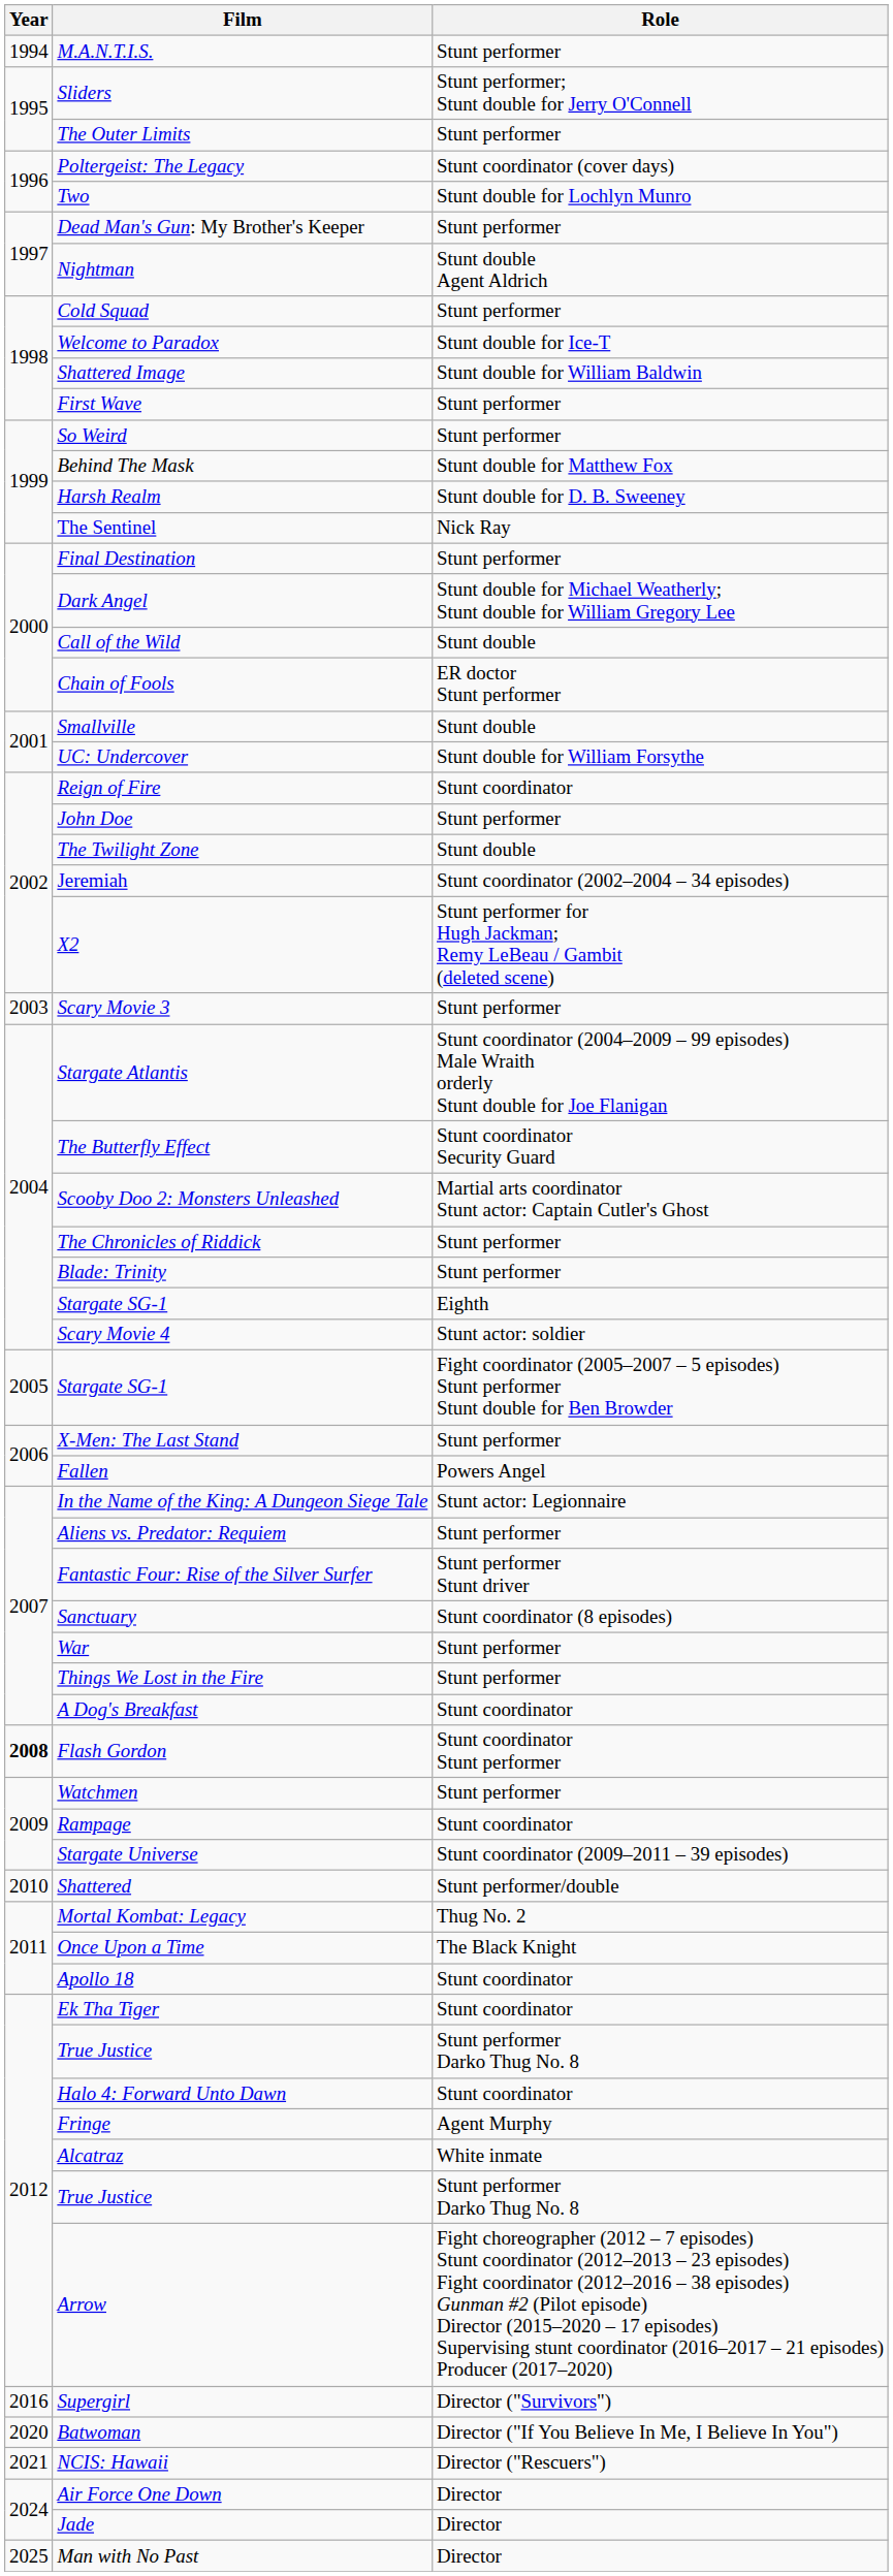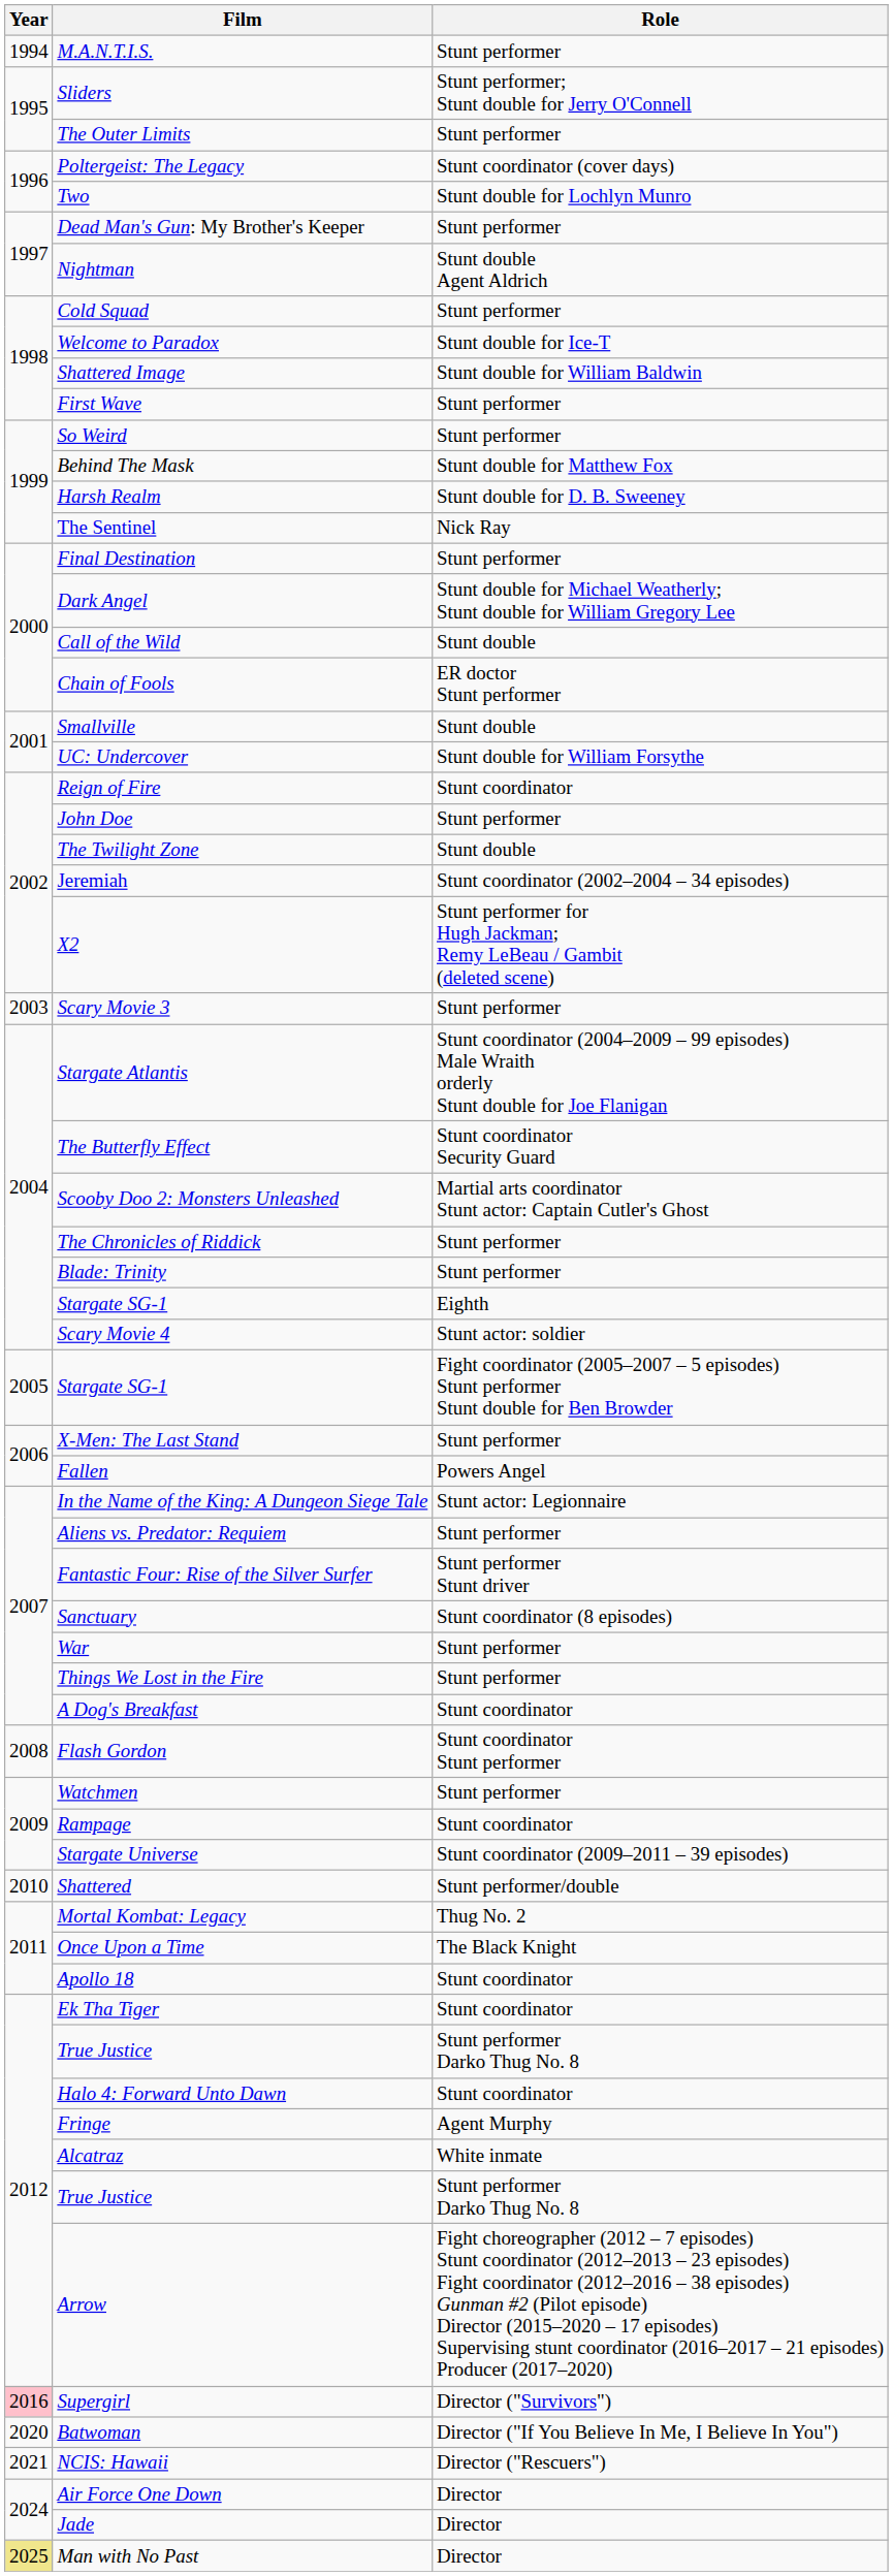 <table class="wikitable sortable">
 <tr>
 <th>Year</th>
 <th>Film</th>
 <th>Role</th>
 </tr>
 <tr>
 <td rowspan="1">1994</td>
 <td><em><a href='#'>M.A.N.T.I.S.</a></em></td>
 <td>Stunt performer</td>
 </tr>
 <tr>
 <td rowspan="2">1995</td>
 <td><em><a href='#'>Sliders</a></em></td>
 <td>Stunt performer;<br>Stunt double for <a href='#'>Jerry O'Connell</a></td>
 </tr>
 <tr>
 <td data-sort-value="Outer Limits, The"><em><a href='#'>The Outer Limits</a></em></td>
 <td>Stunt performer</td>
 </tr>
 <tr>
 <td rowspan="2">1996</td>
 <td><em><a href='#'>Poltergeist: The Legacy</a></em></td>
 <td>Stunt coordinator (cover days)</td>
 </tr>
 <tr>
 <td><em><a href='#'>Two</a></em></td>
 <td>Stunt double for <a href='#'>Lochlyn Munro</a></td>
 </tr>
 <tr>
 <td rowspan="2">1997</td>
 <td><em><a href='#'>Dead Man's Gun</a></em>: My Brother's Keeper</td>
 <td>Stunt performer</td>
 </tr>
 <tr>
 <td><em><a href='#'>Nightman</a></em></td>
 <td>Stunt double<br>Agent Aldrich</td>
 </tr>
 <tr>
 <td rowspan="4">1998</td>
 <td><em><a href='#'>Cold Squad</a></em></td>
 <td>Stunt performer</td>
 </tr>
 <tr>
 <td><em><a href='#'>Welcome to Paradox</a></em></td>
 <td>Stunt double for <a href='#'>Ice-T</a></td>
 </tr>
 <tr>
 <td><em><a href='#'>Shattered Image</a></em></td>
 <td>Stunt double for <a href='#'>William Baldwin</a></td>
 </tr>
 <tr>
 <td><em><a href='#'>First Wave</a></em></td>
 <td>Stunt performer</td>
 </tr>
 <tr>
 <td rowspan="4">1999</td>
 <td><em><a href='#'>So Weird</a></em></td>
 <td>Stunt performer</td>
 </tr>
 <tr>
 <td><em>Behind The Mask</em></td>
 <td>Stunt double for <a href='#'>Matthew Fox</a></td>
 </tr>
 <tr>
 <td><em><a href='#'>Harsh Realm</a></em></td>
 <td>Stunt double for <a href='#'>D. B. Sweeney</a></td>
 </tr>
 <tr>
 <td data-sort-value="Sentinel, The"><a href='#'>The Sentinel</a></td>
 <td>Nick Ray</td>
 </tr>
 <tr>
 <td rowspan="4">2000</td>
 <td><em><a href='#'>Final Destination</a></em></td>
 <td>Stunt performer</td>
 </tr>
 <tr>
 <td><em><a href='#'>Dark Angel</a></em></td>
 <td>Stunt double for <a href='#'>Michael Weatherly</a>;<br>Stunt double for <a href='#'>William Gregory Lee</a></td>
 </tr>
 <tr>
 <td><em><a href='#'>Call of the Wild</a></em></td>
 <td>Stunt double</td>
 </tr>
 <tr>
 <td><em><a href='#'>Chain of Fools</a></em></td>
 <td>ER doctor<br>Stunt performer</td>
 </tr>
 <tr>
 <td rowspan="2">2001</td>
 <td><em><a href='#'>Smallville</a></em></td>
 <td>Stunt double</td>
 </tr>
 <tr>
 <td><em><a href='#'>UC: Undercover</a></em></td>
 <td>Stunt double for <a href='#'>William Forsythe</a></td>
 </tr>
 <tr>
 <td rowspan="5">2002</td>
 <td><em><a href='#'>Reign of Fire</a></em></td>
 <td>Stunt coordinator</td>
 </tr>
 <tr>
 <td><em><a href='#'>John Doe</a></em></td>
 <td>Stunt performer</td>
 </tr>
 <tr>
 <td data-sort-value="Twilight Zone, The"><em><a href='#'>The Twilight Zone</a></em></td>
 <td>Stunt double</td>
 </tr>
 <tr>
 <td><a href='#'>Jeremiah</a></td>
 <td>Stunt coordinator (2002–2004 – 34 episodes)</td>
 </tr>
 <tr>
 <td><em><a href='#'>X2</a></em></td>
 <td>Stunt performer for <br><a href='#'>Hugh Jackman</a>;<br><a href='#'>Remy LeBeau / Gambit</a><br> (<a href='#'>deleted scene</a>)</td>
 </tr>
 <tr>
 <td rowspan="1">2003</td>
 <td><em><a href='#'>Scary Movie 3</a></em></td>
 <td>Stunt performer</td>
 </tr>
 <tr>
 <td rowspan="7">2004</td>
 <td><em><a href='#'>Stargate Atlantis</a></em></td>
 <td>Stunt coordinator (2004–2009 – 99 episodes)<br>Male Wraith<br>orderly<br>Stunt double for <a href='#'>Joe Flanigan</a></td>
 </tr>
 <tr>
 <td data-sort-value="Butterfly Effect, The"><em><a href='#'>The Butterfly Effect</a></em></td>
 <td>Stunt coordinator<br>Security Guard</td>
 </tr>
 <tr>
 <td><em><a href='#'>Scooby Doo 2: Monsters Unleashed</a></em></td>
 <td>Martial arts coordinator<br>Stunt actor: Captain Cutler's Ghost</td>
 </tr>
 <tr>
 <td data-sort-value="Chronicles of Riddick, The"><em><a href='#'>The Chronicles of Riddick</a></em></td>
 <td>Stunt performer</td>
 </tr>
 <tr>
 <td><em><a href='#'>Blade: Trinity</a></em></td>
 <td>Stunt performer</td>
 </tr>
 <tr>
 <td><em><a href='#'>Stargate SG-1</a></em></td>
 <td>Eighth</td>
 </tr>
 <tr>
 <td><em><a href='#'>Scary Movie 4</a></em></td>
 <td>Stunt actor: soldier</td>
 </tr>
 <tr>
 <td rowspan="1">2005</td>
 <td><em><a href='#'>Stargate SG-1</a></em></td>
 <td>Fight coordinator (2005–2007 – 5 episodes)<br>Stunt performer<br>Stunt double for <a href='#'>Ben Browder</a></td>
 </tr>
 <tr>
 <td rowspan="2">2006</td>
 <td><em><a href='#'>X-Men: The Last Stand</a></em></td>
 <td>Stunt performer</td>
 </tr>
 <tr>
 <td><em><a href='#'>Fallen</a></em></td>
 <td>Powers Angel</td>
 </tr>
 <tr>
 <td rowspan="7">2007</td>
 <td><em><a href='#'>In the Name of the King: A Dungeon Siege Tale</a></em></td>
 <td>Stunt actor: Legionnaire</td>
 </tr>
 <tr>
 <td><em><a href='#'>Aliens vs. Predator: Requiem</a></em></td>
 <td>Stunt performer</td>
 </tr>
 <tr>
 <td><em><a href='#'>Fantastic Four: Rise of the Silver Surfer</a></em></td>
 <td>Stunt performer<br> Stunt driver</td>
 </tr>
 <tr>
 <td><em><a href='#'>Sanctuary</a></em></td>
 <td>Stunt coordinator (8 episodes)</td>
 </tr>
 <tr>
 <td><em><a href='#'>War</a></em></td>
 <td>Stunt performer</td>
 </tr>
 <tr>
 <td><em><a href='#'>Things We Lost in the Fire</a></em></td>
 <td>Stunt performer</td>
 </tr>
 <tr>
 <td data-sort-value="Dog's Breakfast, A"><em><a href='#'>A Dog's Breakfast</a></em></td>
 <td>Stunt coordinator</td>
 </tr>
 <tr>
-<td rowspan="1"><strong>2008</strong></td>
+<td rowspan="1">2008</td>
 <td><em><a href='#'>Flash Gordon</a></em></td>
 <td>Stunt coordinator<br>Stunt performer</td>
 </tr>
 <tr>
 <td rowspan="3">2009</td>
 <td><em><a href='#'>Watchmen</a></em></td>
 <td>Stunt performer</td>
 </tr>
 <tr>
 <td><em><a href='#'>Rampage</a></em></td>
 <td>Stunt coordinator</td>
 </tr>
 <tr>
 <td><em><a href='#'>Stargate Universe</a></em></td>
 <td>Stunt coordinator (2009–2011 – 39 episodes)</td>
 </tr>
 <tr>
 <td rowspan="1">2010</td>
 <td><em><a href='#'>Shattered</a></em></td>
 <td>Stunt performer/double</td>
 </tr>
 <tr>
 <td rowspan="3">2011</td>
 <td><em><a href='#'>Mortal Kombat: Legacy</a></em></td>
 <td>Thug No. 2</td>
 </tr>
 <tr>
 <td><em><a href='#'>Once Upon a Time</a></em></td>
 <td>The Black Knight</td>
 </tr>
 <tr>
 <td><em><a href='#'>Apollo 18</a></em></td>
 <td>Stunt coordinator</td>
 </tr>
 <tr>
 <td rowspan="7">2012</td>
 <td><em><a href='#'>Ek Tha Tiger</a></em></td>
 <td>Stunt coordinator</td>
 </tr>
 <tr>
 <td><em><a href='#'>True Justice</a></em></td>
 <td>Stunt performer<br>Darko Thug No. 8</td>
 </tr>
 <tr>
 <td><em><a href='#'>Halo 4: Forward Unto Dawn</a></em></td>
 <td>Stunt coordinator</td>
 </tr>
 <tr>
 <td><em><a href='#'>Fringe</a></em></td>
 <td>Agent Murphy</td>
 </tr>
 <tr>
 <td><em><a href='#'>Alcatraz</a></em></td>
 <td>White inmate</td>
 </tr>
 <tr>
 <td><em><a href='#'>True Justice</a></em></td>
 <td>Stunt performer<br>Darko Thug No. 8</td>
 </tr>
 <tr>
 <td><em><a href='#'>Arrow</a></em></td>
 <td>Fight choreographer (2012 – 7 episodes)<br>Stunt coordinator (2012–2013 – 23 episodes)<br>Fight coordinator (2012–2016 – 38 episodes)<br><em>Gunman #2</em> (Pilot episode)<br>Director (2015–2020 – 17 episodes)<br>Supervising stunt coordinator (2016–2017 – 21 episodes)<br>Producer (2017–2020)</td>
 </tr>
 <tr>
-<td>2016</td>
+<td style="background: pink;">2016</td>
 <td><em><a href='#'>Supergirl</a></em></td>
 <td>Director ("<a href='#'>Survivors</a>")</td>
 </tr>
 <tr>
 <td>2020</td>
 <td><em><a href='#'>Batwoman</a></em></td>
 <td>Director ("If You Believe In Me, I Believe In You")</td>
 </tr>
 <tr>
 <td>2021</td>
 <td><em><a href='#'>NCIS: Hawaii</a></em></td>
 <td>Director ("Rescuers")</td>
 </tr>
 <tr>
 <td rowspan="2">2024</td>
 <td><em><a href='#'>Air Force One Down</a></em></td>
 <td>Director</td>
 </tr>
 <tr>
 <td><em><a href='#'>Jade</a></em></td>
 <td>Director</td>
 </tr>
 <tr>
-<td>2025</td>
+<td style="background: khaki;">2025</td>
 <td><em>Man with No Past</em></td>
 <td>Director</td>
 </tr>
 </table>
